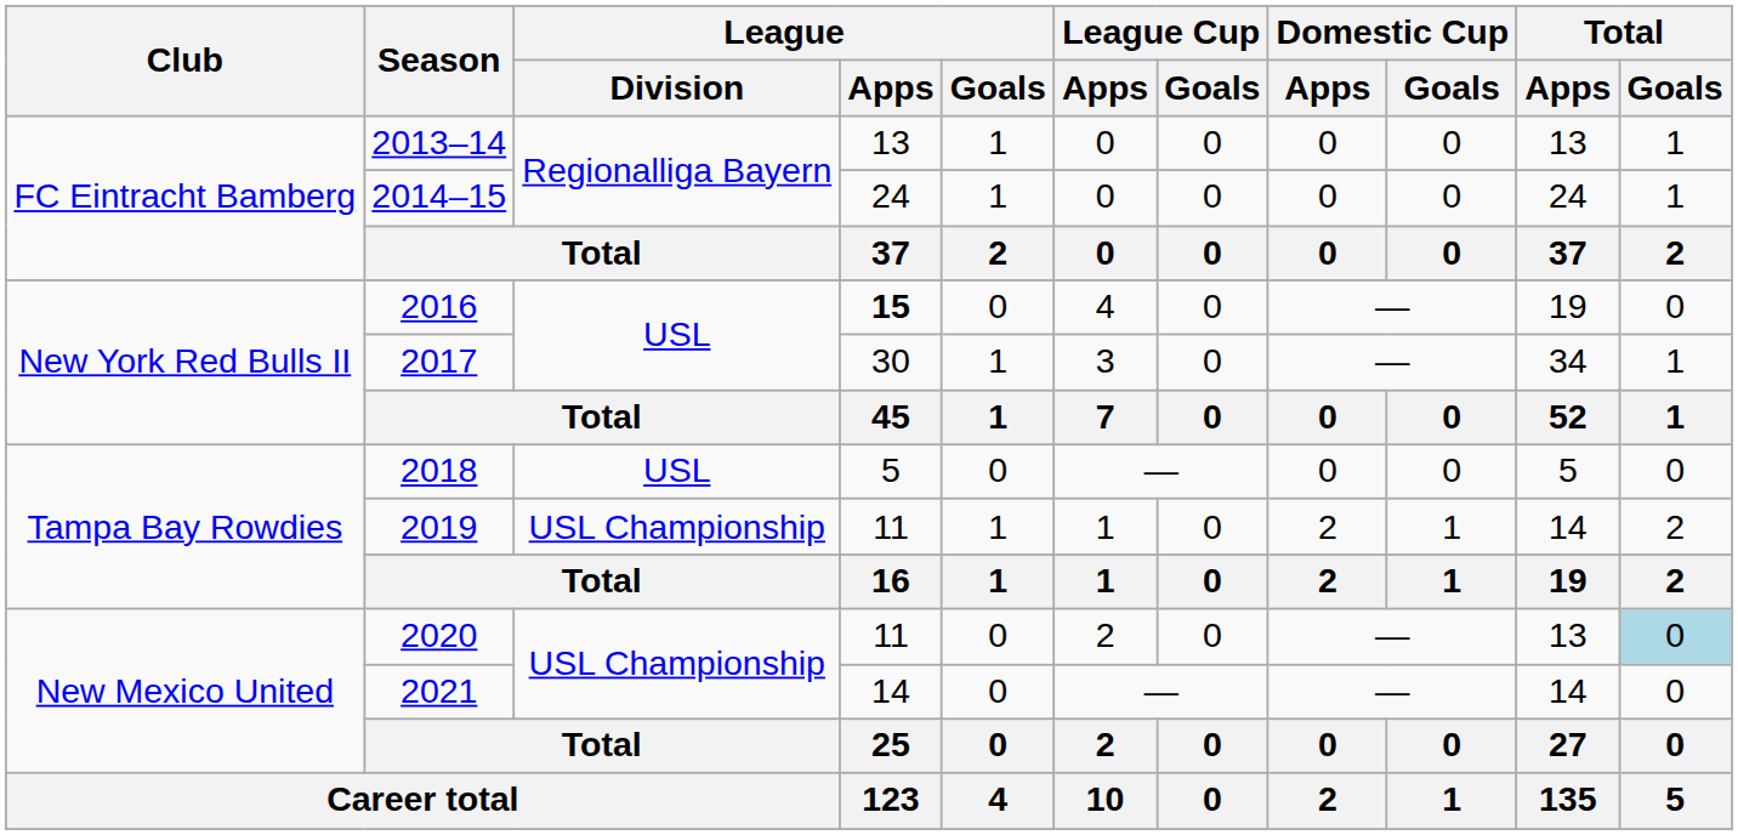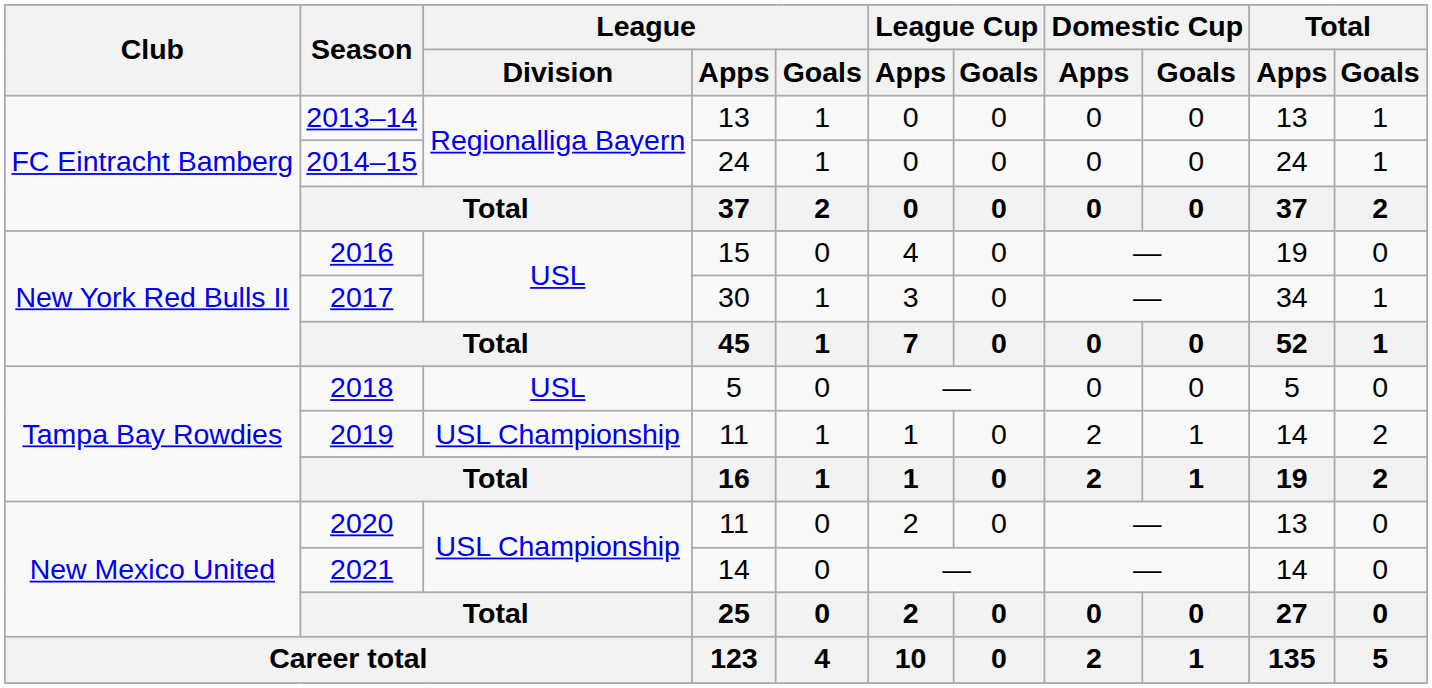 <table class="wikitable" style="text-align: center;">
 <tr>
 <th rowspan="2">Club</th>
 <th rowspan="2">Season</th>
 <th colspan="3">League</th>
 <th colspan="2">League Cup</th>
 <th colspan="2">Domestic Cup</th>
 <th colspan="2">Total</th>
 </tr>
 <tr>
 <th>Division</th>
 <th>Apps</th>
 <th>Goals</th>
 <th>Apps</th>
 <th>Goals</th>
 <th>Apps</th>
 <th>Goals</th>
 <th>Apps</th>
 <th>Goals</th>
 </tr>
 <tr>
 <td rowspan="3"><a href='#'>FC Eintracht Bamberg</a></td>
 <td><a href='#'>2013–14</a></td>
 <td rowspan="2"><a href='#'>Regionalliga Bayern</a></td>
 <td>13</td>
 <td>1</td>
 <td>0</td>
 <td>0</td>
 <td>0</td>
 <td>0</td>
 <td>13</td>
 <td>1</td>
 </tr>
 <tr>
 <td><a href='#'>2014–15</a></td>
 <td>24</td>
 <td>1</td>
 <td>0</td>
 <td>0</td>
 <td>0</td>
 <td>0</td>
 <td>24</td>
 <td>1</td>
 </tr>
 <tr>
 <th colspan="2">Total</th>
 <th>37</th>
 <th>2</th>
 <th>0</th>
 <th>0</th>
 <th>0</th>
 <th>0</th>
 <th>37</th>
 <th>2</th>
 </tr>
 <tr>
 <td rowspan="3"><a href='#'>New York Red Bulls II</a></td>
 <td><a href='#'>2016</a></td>
 <td rowspan="2"><a href='#'>USL</a></td>
-<td><strong>15</strong></td>
+<td>15</td>
 <td>0</td>
 <td>4</td>
 <td>0</td>
 <td colspan="2">—</td>
 <td>19</td>
 <td>0</td>
 </tr>
 <tr>
 <td><a href='#'>2017</a></td>
 <td>30</td>
 <td>1</td>
 <td>3</td>
 <td>0</td>
 <td colspan="2">—</td>
 <td>34</td>
 <td>1</td>
 </tr>
 <tr>
 <th colspan="2">Total</th>
 <th>45</th>
 <th>1</th>
 <th>7</th>
 <th>0</th>
 <th>0</th>
 <th>0</th>
 <th>52</th>
 <th>1</th>
 </tr>
 <tr>
 <td rowspan="3"><a href='#'>Tampa Bay Rowdies</a></td>
 <td><a href='#'>2018</a></td>
 <td><a href='#'>USL</a></td>
 <td>5</td>
 <td>0</td>
 <td colspan="2">—</td>
 <td>0</td>
 <td>0</td>
 <td>5</td>
 <td>0</td>
 </tr>
 <tr>
 <td><a href='#'>2019</a></td>
 <td><a href='#'>USL Championship</a></td>
 <td>11</td>
 <td>1</td>
 <td>1</td>
 <td>0</td>
 <td>2</td>
 <td>1</td>
 <td>14</td>
 <td>2</td>
 </tr>
 <tr>
 <th colspan="2">Total</th>
 <th>16</th>
 <th>1</th>
 <th>1</th>
 <th>0</th>
 <th>2</th>
 <th>1</th>
 <th>19</th>
 <th>2</th>
 </tr>
 <tr>
 <td rowspan="3"><a href='#'>New Mexico United</a></td>
 <td><a href='#'>2020</a></td>
 <td rowspan="2"><a href='#'>USL Championship</a></td>
 <td>11</td>
 <td>0</td>
 <td>2</td>
 <td>0</td>
 <td colspan="2">—</td>
 <td>13</td>
-<td style="background: lightblue;">0</td>
+<td>0</td>
 </tr>
 <tr>
 <td><a href='#'>2021</a></td>
 <td>14</td>
 <td>0</td>
 <td colspan="2">—</td>
 <td colspan="2">—</td>
 <td>14</td>
 <td>0</td>
 </tr>
 <tr>
 <th colspan="2">Total</th>
 <th>25</th>
 <th>0</th>
 <th>2</th>
 <th>0</th>
 <th>0</th>
 <th>0</th>
 <th>27</th>
 <th>0</th>
 </tr>
 <tr>
 <th colspan="3">Career total</th>
 <th>123</th>
 <th>4</th>
 <th>10</th>
 <th>0</th>
 <th>2</th>
 <th>1</th>
 <th>135</th>
 <th>5</th>
 </tr>
 </table>
